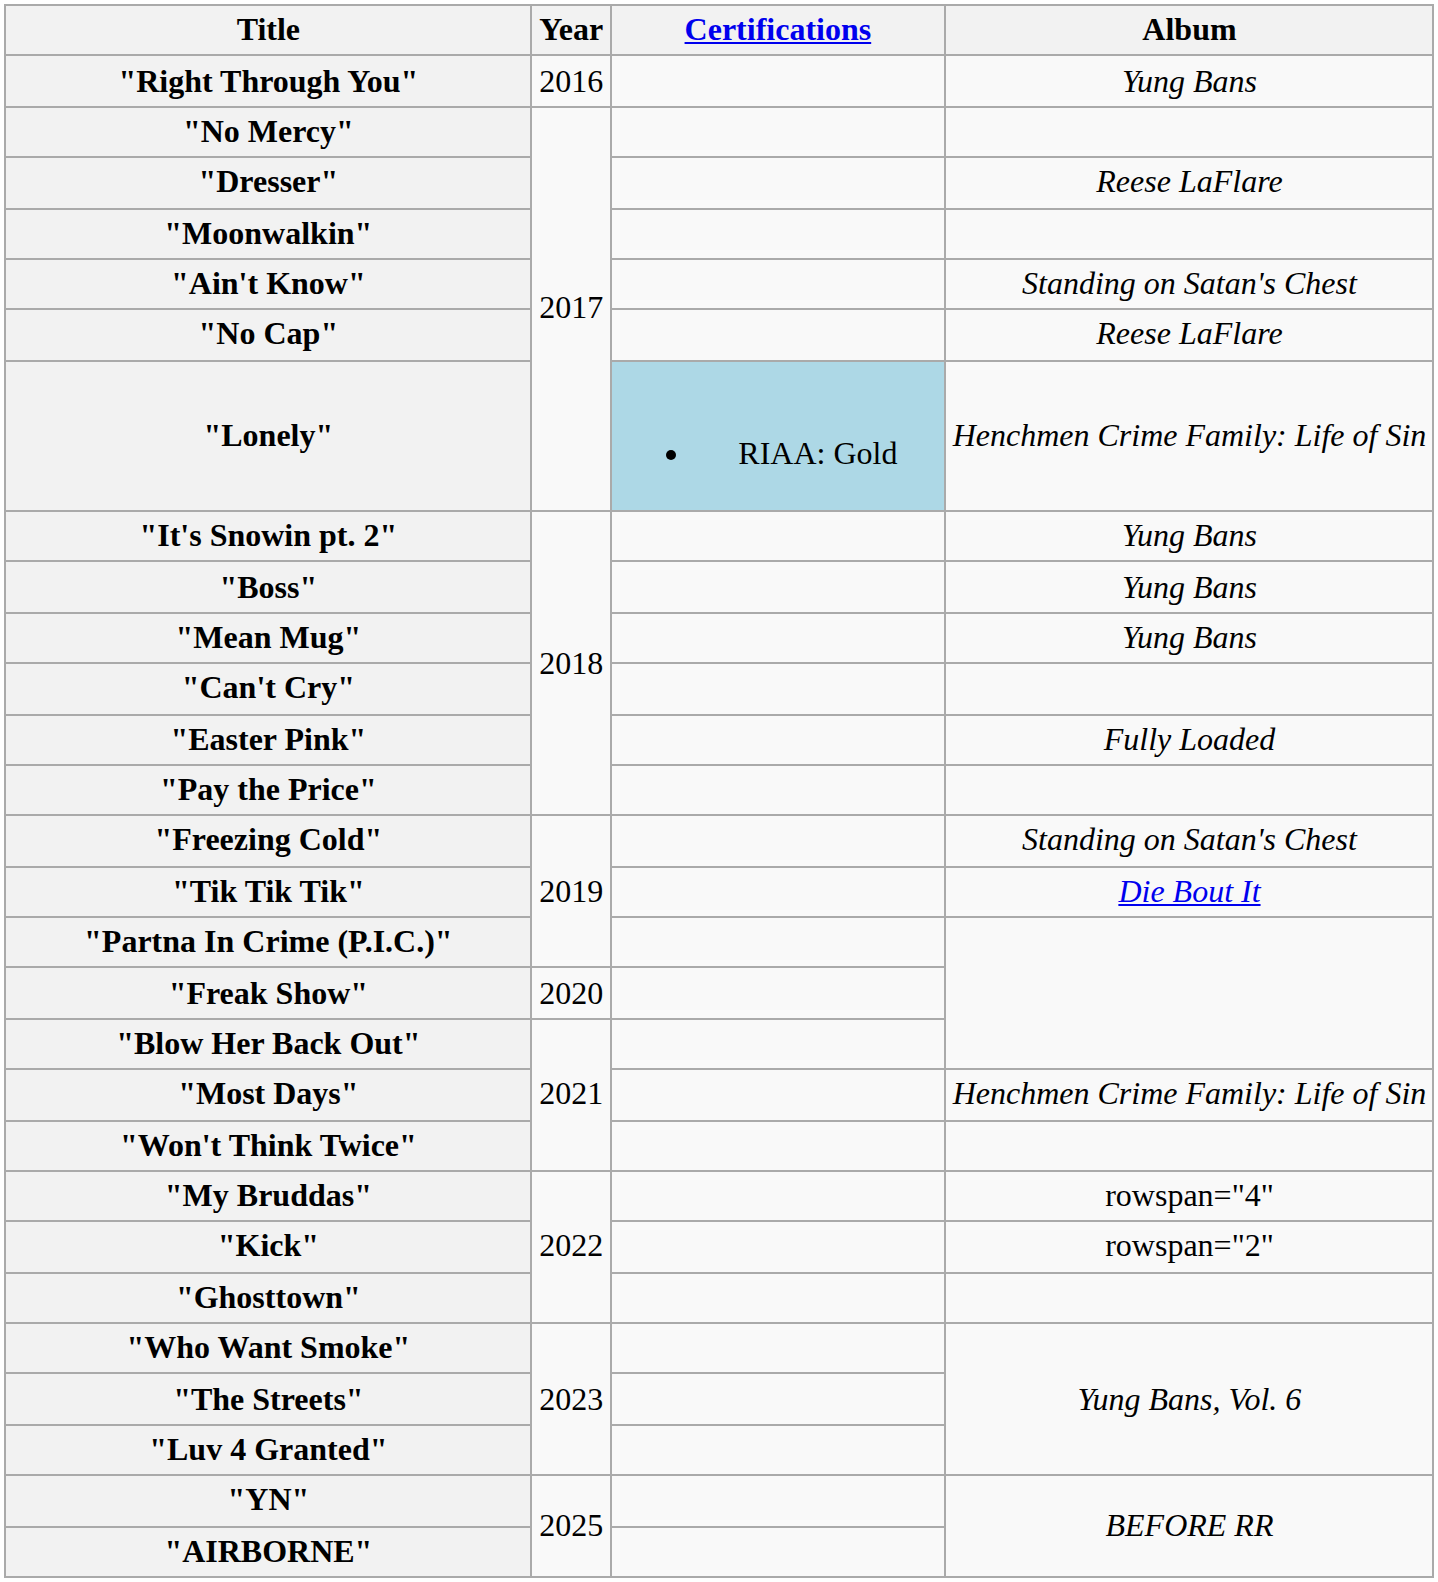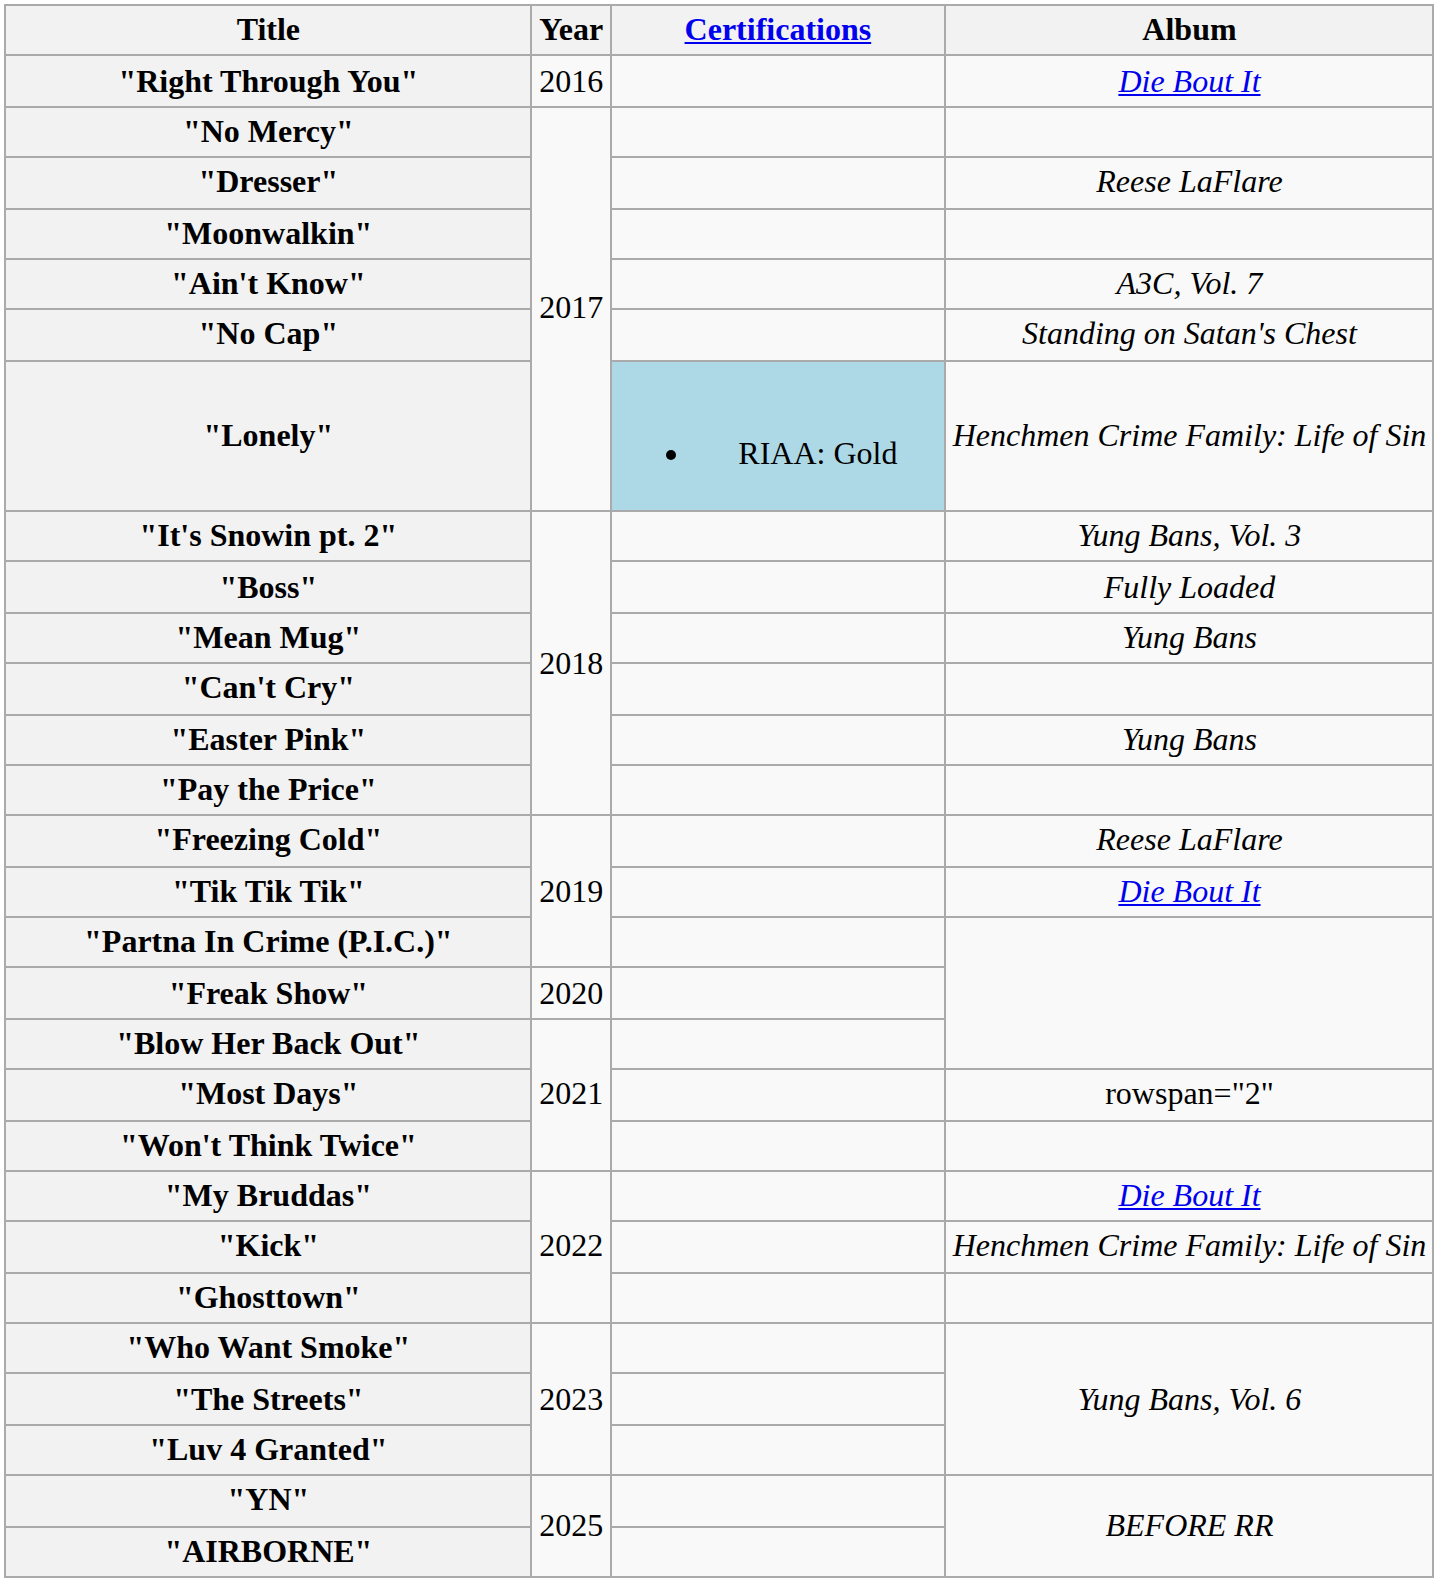 <table class="wikitable plainrowheaders" style="text-align:center;">
 <tr>
 <th scope="col" rowspan="1" style="width:16em;">Title</th>
 <th scope="col" rowspan="1">Year</th>
 <th scope="col" rowspan="1" style="width:10em"><a href='#'>Certifications</a></th>
 <th scope="col" rowspan="1">Album</th>
 </tr>
 <tr>
 <th scope="row">"Right Through You"</th>
 <td rowspan="1">2016</td>
 <td></td>
-<td><em>Yung Bans</em></td>
+<td><em><a href='#'>Die Bout It</a></em></td>
 </tr>
 <tr>
 <th scope="row">"No Mercy"<br></th>
 <td rowspan="6">2017</td>
 <td></td>
 <td></td>
 </tr>
 <tr>
 <th scope="row">"Dresser"</th>
 <td></td>
 <td><em>Reese LaFlare</em></td>
 </tr>
 <tr>
 <th scope="row">"Moonwalkin"<br></th>
 <td></td>
 <td></td>
 </tr>
 <tr>
 <th scope="row">"Ain't Know"</th>
 <td></td>
-<td><em>Standing on Satan's Chest</em></td>
+<td><em>A3C, Vol. 7</em></td>
 </tr>
 <tr>
 <th scope="row">"No Cap"<br></th>
 <td></td>
-<td><em>Reese LaFlare</em></td>
+<td><em>Standing on Satan's Chest</em></td>
 </tr>
 <tr>
 <th scope="row">"Lonely"<br></th>
 <td style="background: lightblue;"><br><ul><li>RIAA: Gold</li></ul></td>
 <td><em>Henchmen Crime Family: Life of Sin</em></td>
 </tr>
 <tr>
 <th scope="row">"It's Snowin pt. 2"<br></th>
 <td rowspan="6">2018</td>
 <td></td>
-<td><em>Yung Bans</em></td>
+<td><em>Yung Bans, Vol. 3</em></td>
 </tr>
 <tr>
 <th scope="row">"Boss"<br></th>
 <td></td>
-<td><em>Yung Bans</em></td>
+<td><em>Fully Loaded</em></td>
 </tr>
 <tr>
 <th scope="row">"Mean Mug"</th>
 <td></td>
 <td><em>Yung Bans</em></td>
 </tr>
 <tr>
 <th scope="row">"Can't Cry"<br></th>
 <td></td>
 <td></td>
 </tr>
 <tr>
 <th scope="row">"Easter Pink"<br></th>
 <td></td>
-<td><em>Fully Loaded</em></td>
+<td><em>Yung Bans</em></td>
 </tr>
 <tr>
 <th scope="row">"Pay the Price"<br></th>
 <td></td>
 <td></td>
 </tr>
 <tr>
 <th scope="row">"Freezing Cold"<br></th>
 <td rowspan="3">2019</td>
 <td></td>
-<td><em>Standing on Satan's Chest</em></td>
+<td><em>Reese LaFlare</em></td>
 </tr>
 <tr>
 <th scope="row">"Tik Tik Tik"<br></th>
 <td></td>
 <td><em><a href='#'>Die Bout It</a></em></td>
 </tr>
 <tr>
 <th scope="row">"Partna In Crime (P.I.C.)"</th>
 <td></td>
 </tr>
 <tr>
 <th scope="row">"Freak Show"<br></th>
 <td>2020</td>
 <td></td>
 </tr>
 <tr>
 <th scope="row">"Blow Her Back Out"<br></th>
 <td rowspan="3">2021</td>
 <td></td>
 </tr>
 <tr>
 <th scope="row">"Most Days"<br></th>
 <td></td>
-<td><em>Henchmen Crime Family: Life of Sin</em></td>
+<td>rowspan="2" </td>
 </tr>
 <tr>
 <th scope="row">"Won't Think Twice"</th>
 <td></td>
 <td></td>
 </tr>
 <tr>
 <th scope="row">"My Bruddas"<br></th>
 <td rowspan="3">2022</td>
 <td></td>
-<td>rowspan="4" </td>
+<td><em><a href='#'>Die Bout It</a></em></td>
 </tr>
 <tr>
 <th scope="row">"Kick"<br></th>
 <td></td>
-<td>rowspan="2" </td>
+<td><em>Henchmen Crime Family: Life of Sin</em></td>
 </tr>
 <tr>
 <th scope="row">"Ghosttown"<br></th>
 <td></td>
 </tr>
 <tr>
 <th scope="row">"Who Want Smoke"</th>
 <td rowspan="3">2023</td>
 <td></td>
 <td rowspan="3"><em>Yung Bans, Vol. 6</em></td>
 </tr>
 <tr>
 <th scope="row">"The Streets"<br></th>
 </tr>
 <tr>
 <th scope="row">"Luv 4 Granted"<br></th>
 <td></td>
 </tr>
 <tr>
 <th scope="row">"YN"<br></th>
 <td rowspan="2">2025</td>
 <td></td>
 <td rowspan="2"><em>BEFORE RR</em></td>
 </tr>
 <tr>
 <th scope="row">"AIRBORNE"<br></th>
 <td></td>
 </tr>
 </table>
